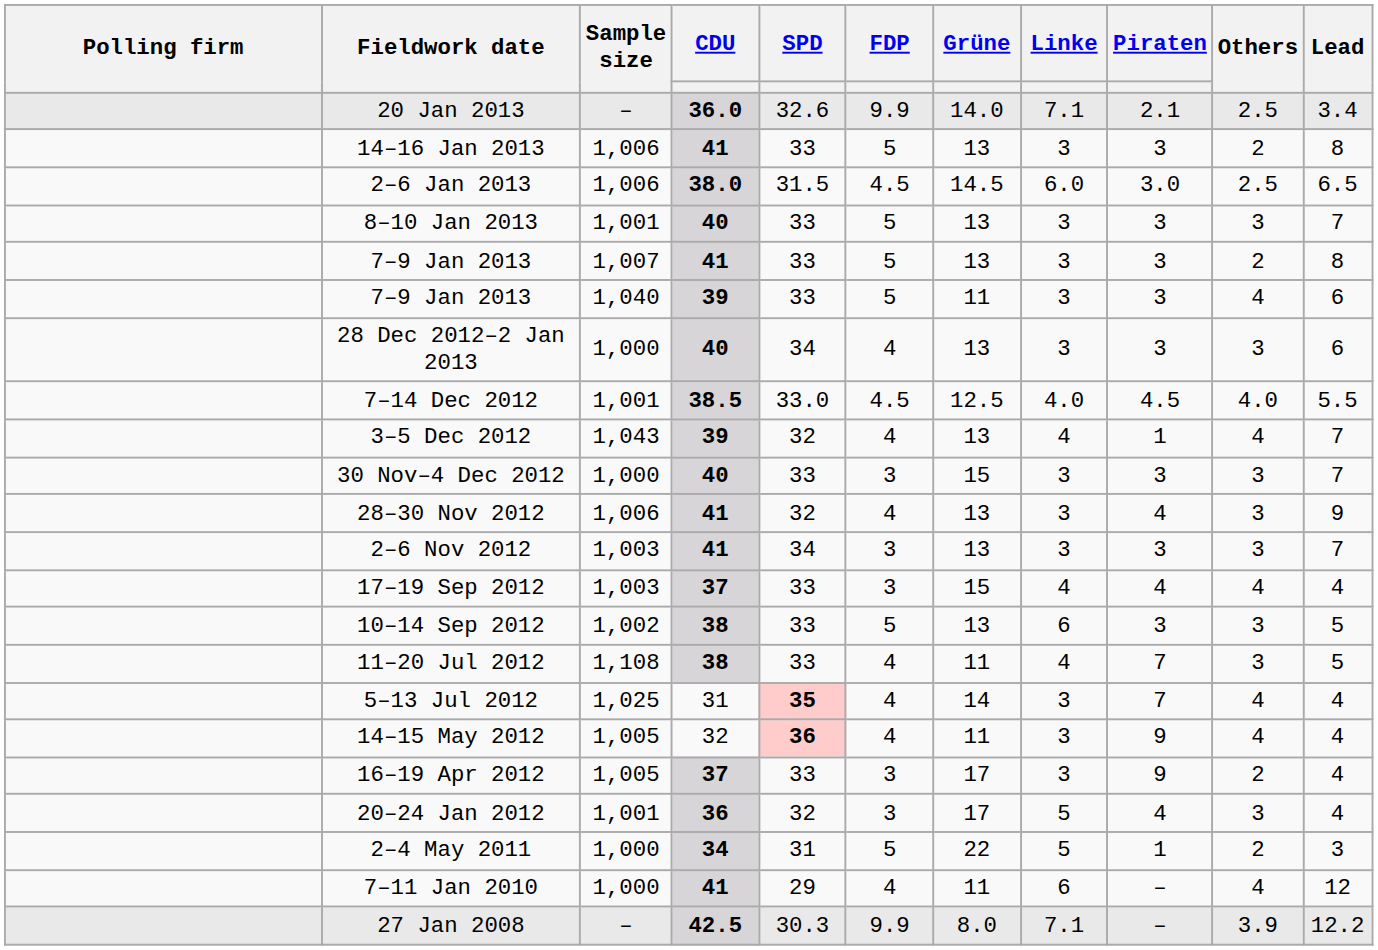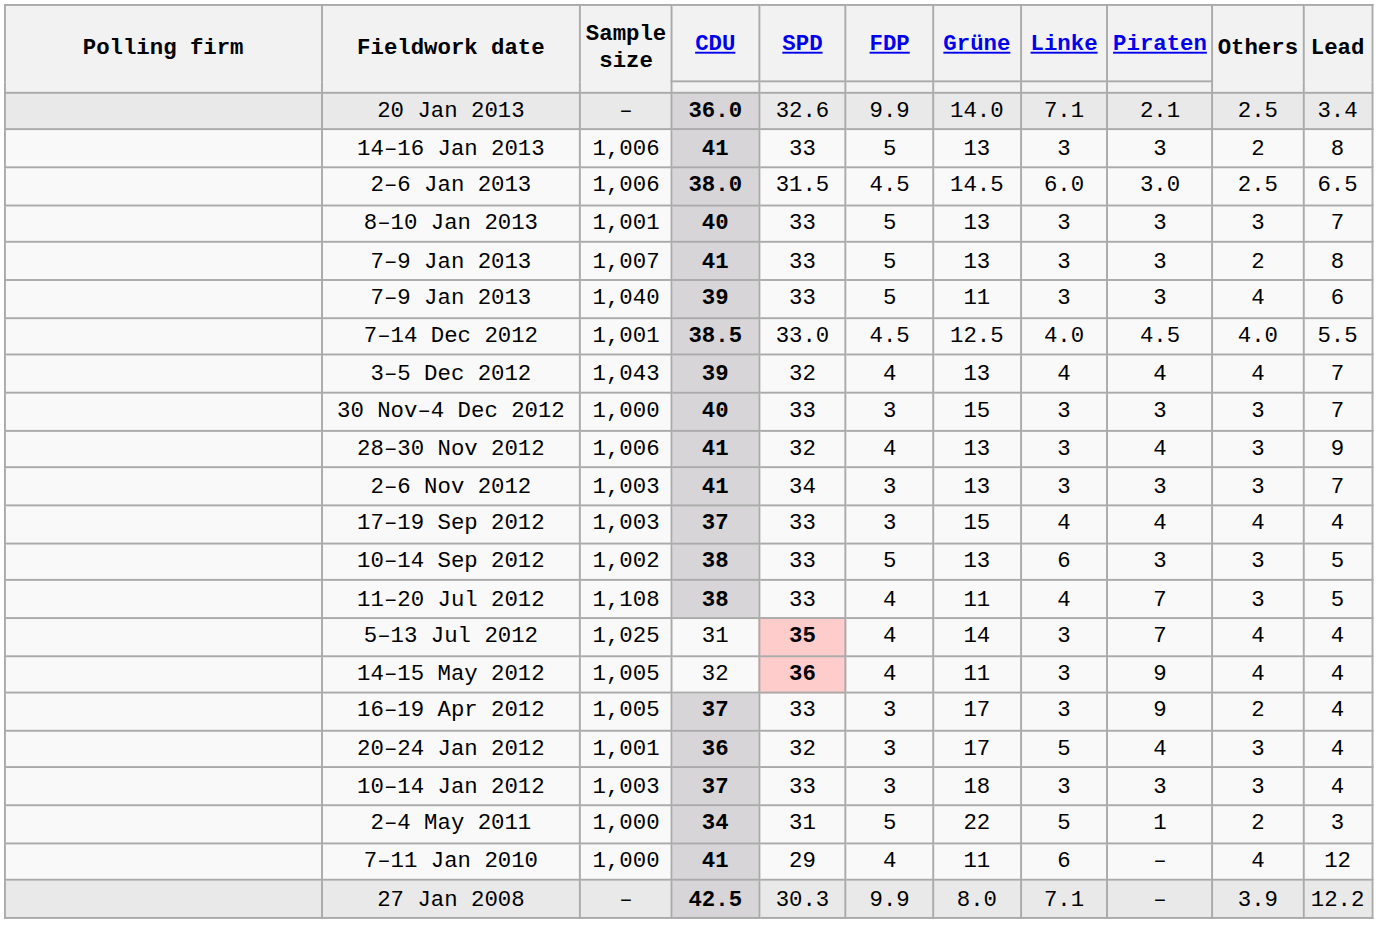 <table class="wikitable sortable" style="text-align:center;font-size:90%;line-height:14px;">
 <tr style="height:40px;">
 <th style="width:160px;" rowspan="2">Polling firm</th>
 <th style="width:130px;" rowspan="2">Fieldwork date</th>
 <th style="width:35px;" rowspan="2">Sample<br>size</th>
 <th class="unsortable" style="width:40px;"><a href='#'>CDU</a></th>
 <th class="unsortable" style="width:40px;"><a href='#'>SPD</a></th>
 <th class="unsortable" style="width:40px;"><a href='#'>FDP</a></th>
 <th class="unsortable" style="width:40px;"><a href='#'>Grüne</a></th>
 <th class="unsortable" style="width:40px;"><a href='#'>Linke</a></th>
 <th class="unsortable" style="width:40px;"><a href='#'>Piraten</a></th>
 <th class="unsortable" style="width:40px;" rowspan="2">Others</th>
 <th style="width:30px;" rowspan="2">Lead</th>
 </tr>
 <tr>
 <th style="background:"></th>
 <th style="background:"></th>
 <th style="background:"></th>
 <th style="background:"></th>
 <th style="background:"></th>
 <th style="background:"></th>
 </tr>
 <tr style="background:#E9E9E9;">
 <td></td>
 <td data-sort-value="2013-01-20">20 Jan 2013</td>
 <td>–</td>
 <td style="background:#D7D5D7;"><strong>36.0</strong></td>
 <td>32.6</td>
 <td>9.9</td>
 <td>14.0</td>
 <td>7.1</td>
 <td>2.1</td>
 <td>2.5</td>
 <td style="background:">3.4</td>
 </tr>
 <tr>
 <td></td>
 <td data-sort-value="2013-01-17">14–16 Jan 2013</td>
 <td>1,006</td>
 <td style="background:#D7D5D7;"><strong>41</strong></td>
 <td>33</td>
 <td>5</td>
 <td>13</td>
 <td>3</td>
 <td>3</td>
 <td>2</td>
 <td style="background:">8</td>
 </tr>
 <tr>
 <td></td>
 <td data-sort-value="2013-01-12">2–6 Jan 2013</td>
 <td>1,006</td>
 <td style="background:#D7D5D7;"><strong>38.0</strong></td>
 <td>31.5</td>
 <td>4.5</td>
 <td>14.5</td>
 <td>6.0</td>
 <td>3.0</td>
 <td>2.5</td>
 <td style="background:">6.5</td>
 </tr>
 <tr>
 <td></td>
 <td data-sort-value="2013-01-10">8–10 Jan 2013</td>
 <td>1,001</td>
 <td style="background:#D7D5D7;"><strong>40</strong></td>
 <td>33</td>
 <td>5</td>
 <td>13</td>
 <td>3</td>
 <td>3</td>
 <td>3</td>
 <td style="background:">7</td>
 </tr>
 <tr>
 <td></td>
 <td data-sort-value="2013-01-10">7–9 Jan 2013</td>
 <td>1,007</td>
 <td style="background:#D7D5D7;"><strong>41</strong></td>
 <td>33</td>
 <td>5</td>
 <td>13</td>
 <td>3</td>
 <td>3</td>
 <td>2</td>
 <td style="background:">8</td>
 </tr>
 <tr>
 <td></td>
 <td data-sort-value="2013-01-10">7–9 Jan 2013</td>
 <td>1,040</td>
 <td style="background:#D7D5D7;"><strong>39</strong></td>
 <td>33</td>
 <td>5</td>
 <td>11</td>
 <td>3</td>
 <td>3</td>
 <td>4</td>
 <td style="background:">6</td>
 </tr>
 <tr>
 <td></td>
-<td data-sort-value="2013-01-03">28 Dec 2012–2 Jan 2013</td>
-<td>1,000</td>
-<td style="background:#D7D5D7;"><strong>40</strong></td>
-<td>34</td>
-<td>4</td>
-<td>13</td>
-<td>3</td>
-<td>3</td>
-<td>3</td>
-<td style="background:">6</td>
-</tr>
-<tr>
-<td></td>
 <td data-sort-value="2012-12-22">7–14 Dec 2012</td>
 <td>1,001</td>
 <td style="background:#D7D5D7;"><strong>38.5</strong></td>
 <td>33.0</td>
 <td>4.5</td>
 <td>12.5</td>
 <td>4.0</td>
 <td>4.5</td>
 <td>4.0</td>
 <td style="background:">5.5</td>
 </tr>
 <tr>
 <td></td>
 <td data-sort-value="2012-12-06">3–5 Dec 2012</td>
 <td>1,043</td>
 <td style="background:#D7D5D7;"><strong>39</strong></td>
 <td>32</td>
 <td>4</td>
 <td>13</td>
 <td>4</td>
-<td>1</td>
+<td>4</td>
 <td>4</td>
 <td style="background:">7</td>
 </tr>
 <tr>
 <td></td>
 <td data-sort-value="2012-12-06">30 Nov–4 Dec 2012</td>
 <td>1,000</td>
 <td style="background:#D7D5D7;"><strong>40</strong></td>
 <td>33</td>
 <td>3</td>
 <td>15</td>
 <td>3</td>
 <td>3</td>
 <td>3</td>
 <td style="background:">7</td>
 </tr>
 <tr>
 <td></td>
 <td data-sort-value="2012-12-04">28–30 Nov 2012</td>
 <td>1,006</td>
 <td style="background:#D7D5D7;"><strong>41</strong></td>
 <td>32</td>
 <td>4</td>
 <td>13</td>
 <td>3</td>
 <td>4</td>
 <td>3</td>
 <td style="background:">9</td>
 </tr>
 <tr>
 <td></td>
 <td data-sort-value="2012-11-08">2–6 Nov 2012</td>
 <td>1,003</td>
 <td style="background:#D7D5D7;"><strong>41</strong></td>
 <td>34</td>
 <td>3</td>
 <td>13</td>
 <td>3</td>
 <td>3</td>
 <td>3</td>
 <td style="background:">7</td>
 </tr>
 <tr>
 <td></td>
 <td data-sort-value="2012-09-20">17–19 Sep 2012</td>
 <td>1,003</td>
 <td style="background:#D7D5D7;"><strong>37</strong></td>
 <td>33</td>
 <td>3</td>
 <td>15</td>
 <td>4</td>
 <td>4</td>
 <td>4</td>
 <td style="background:">4</td>
 </tr>
 <tr>
 <td></td>
 <td data-sort-value="2012-09-20">10–14 Sep 2012</td>
 <td>1,002</td>
 <td style="background:#D7D5D7;"><strong>38</strong></td>
 <td>33</td>
 <td>5</td>
 <td>13</td>
 <td>6</td>
 <td>3</td>
 <td>3</td>
 <td style="background:">5</td>
 </tr>
 <tr>
 <td></td>
 <td data-sort-value="2012-07-24">11–20 Jul 2012</td>
 <td>1,108</td>
 <td style="background:#D7D5D7;"><strong>38</strong></td>
 <td>33</td>
 <td>4</td>
 <td>11</td>
 <td>4</td>
 <td>7</td>
 <td>3</td>
 <td style="background:">5</td>
 </tr>
 <tr>
 <td></td>
 <td data-sort-value="2012-07-19">5–13 Jul 2012</td>
 <td>1,025</td>
 <td>31</td>
 <td style="background:#FFCCCC;"><strong>35</strong></td>
 <td>4</td>
 <td>14</td>
 <td>3</td>
 <td>7</td>
 <td>4</td>
 <td style="background:">4</td>
 </tr>
 <tr>
 <td></td>
 <td data-sort-value="2012-05-16">14–15 May 2012</td>
 <td>1,005</td>
 <td>32</td>
 <td style="background:#FFCCCC;"><strong>36</strong></td>
 <td>4</td>
 <td>11</td>
 <td>3</td>
 <td>9</td>
 <td>4</td>
 <td style="background:">4</td>
 </tr>
 <tr>
 <td></td>
 <td data-sort-value="2012-05-16">16–19 Apr 2012</td>
 <td>1,005</td>
 <td style="background:#D7D5D7;"><strong>37</strong></td>
 <td>33</td>
 <td>3</td>
 <td>17</td>
 <td>3</td>
 <td>9</td>
 <td>2</td>
 <td style="background:">4</td>
 </tr>
 <tr>
 <td></td>
 <td data-sort-value="2012-01-25">20–24 Jan 2012</td>
 <td>1,001</td>
 <td style="background:#D7D5D7;"><strong>36</strong></td>
 <td>32</td>
 <td>3</td>
 <td>17</td>
 <td>5</td>
 <td>4</td>
 <td>3</td>
 <td style="background:">4</td>
 </tr>
 <tr>
 <td></td>
+<td data-sort-value="2012-05-16">10–14 Jan 2012</td>
+<td>1,003</td>
+<td style="background:#D7D5D7;"><strong>37</strong></td>
+<td>33</td>
+<td>3</td>
+<td>18</td>
+<td>3</td>
+<td>3</td>
+<td>3</td>
+<td style="background:">4</td>
+</tr>
+<tr>
+<td></td>
 <td data-sort-value="2011-05-06">2–4 May 2011</td>
 <td>1,000</td>
 <td style="background:#D7D5D7;"><strong>34</strong></td>
 <td>31</td>
 <td>5</td>
 <td>22</td>
 <td>5</td>
 <td>1</td>
 <td>2</td>
 <td style="background:">3</td>
 </tr>
 <tr>
 <td></td>
 <td data-sort-value="2010-01-15">7–11 Jan 2010</td>
 <td>1,000</td>
 <td style="background:#D7D5D7;"><strong>41</strong></td>
 <td>29</td>
 <td>4</td>
 <td>11</td>
 <td>6</td>
 <td>–</td>
 <td>4</td>
 <td style="background:">12</td>
 </tr>
 <tr style="background:#E9E9E9;">
 <td></td>
 <td data-sort-value="2008-01-27">27 Jan 2008</td>
 <td>–</td>
 <td style="background:#D7D5D7;"><strong>42.5</strong></td>
 <td>30.3</td>
 <td>9.9</td>
 <td>8.0</td>
 <td>7.1</td>
 <td>–</td>
 <td>3.9</td>
 <td style="background:">12.2</td>
 </tr>
 </table>
